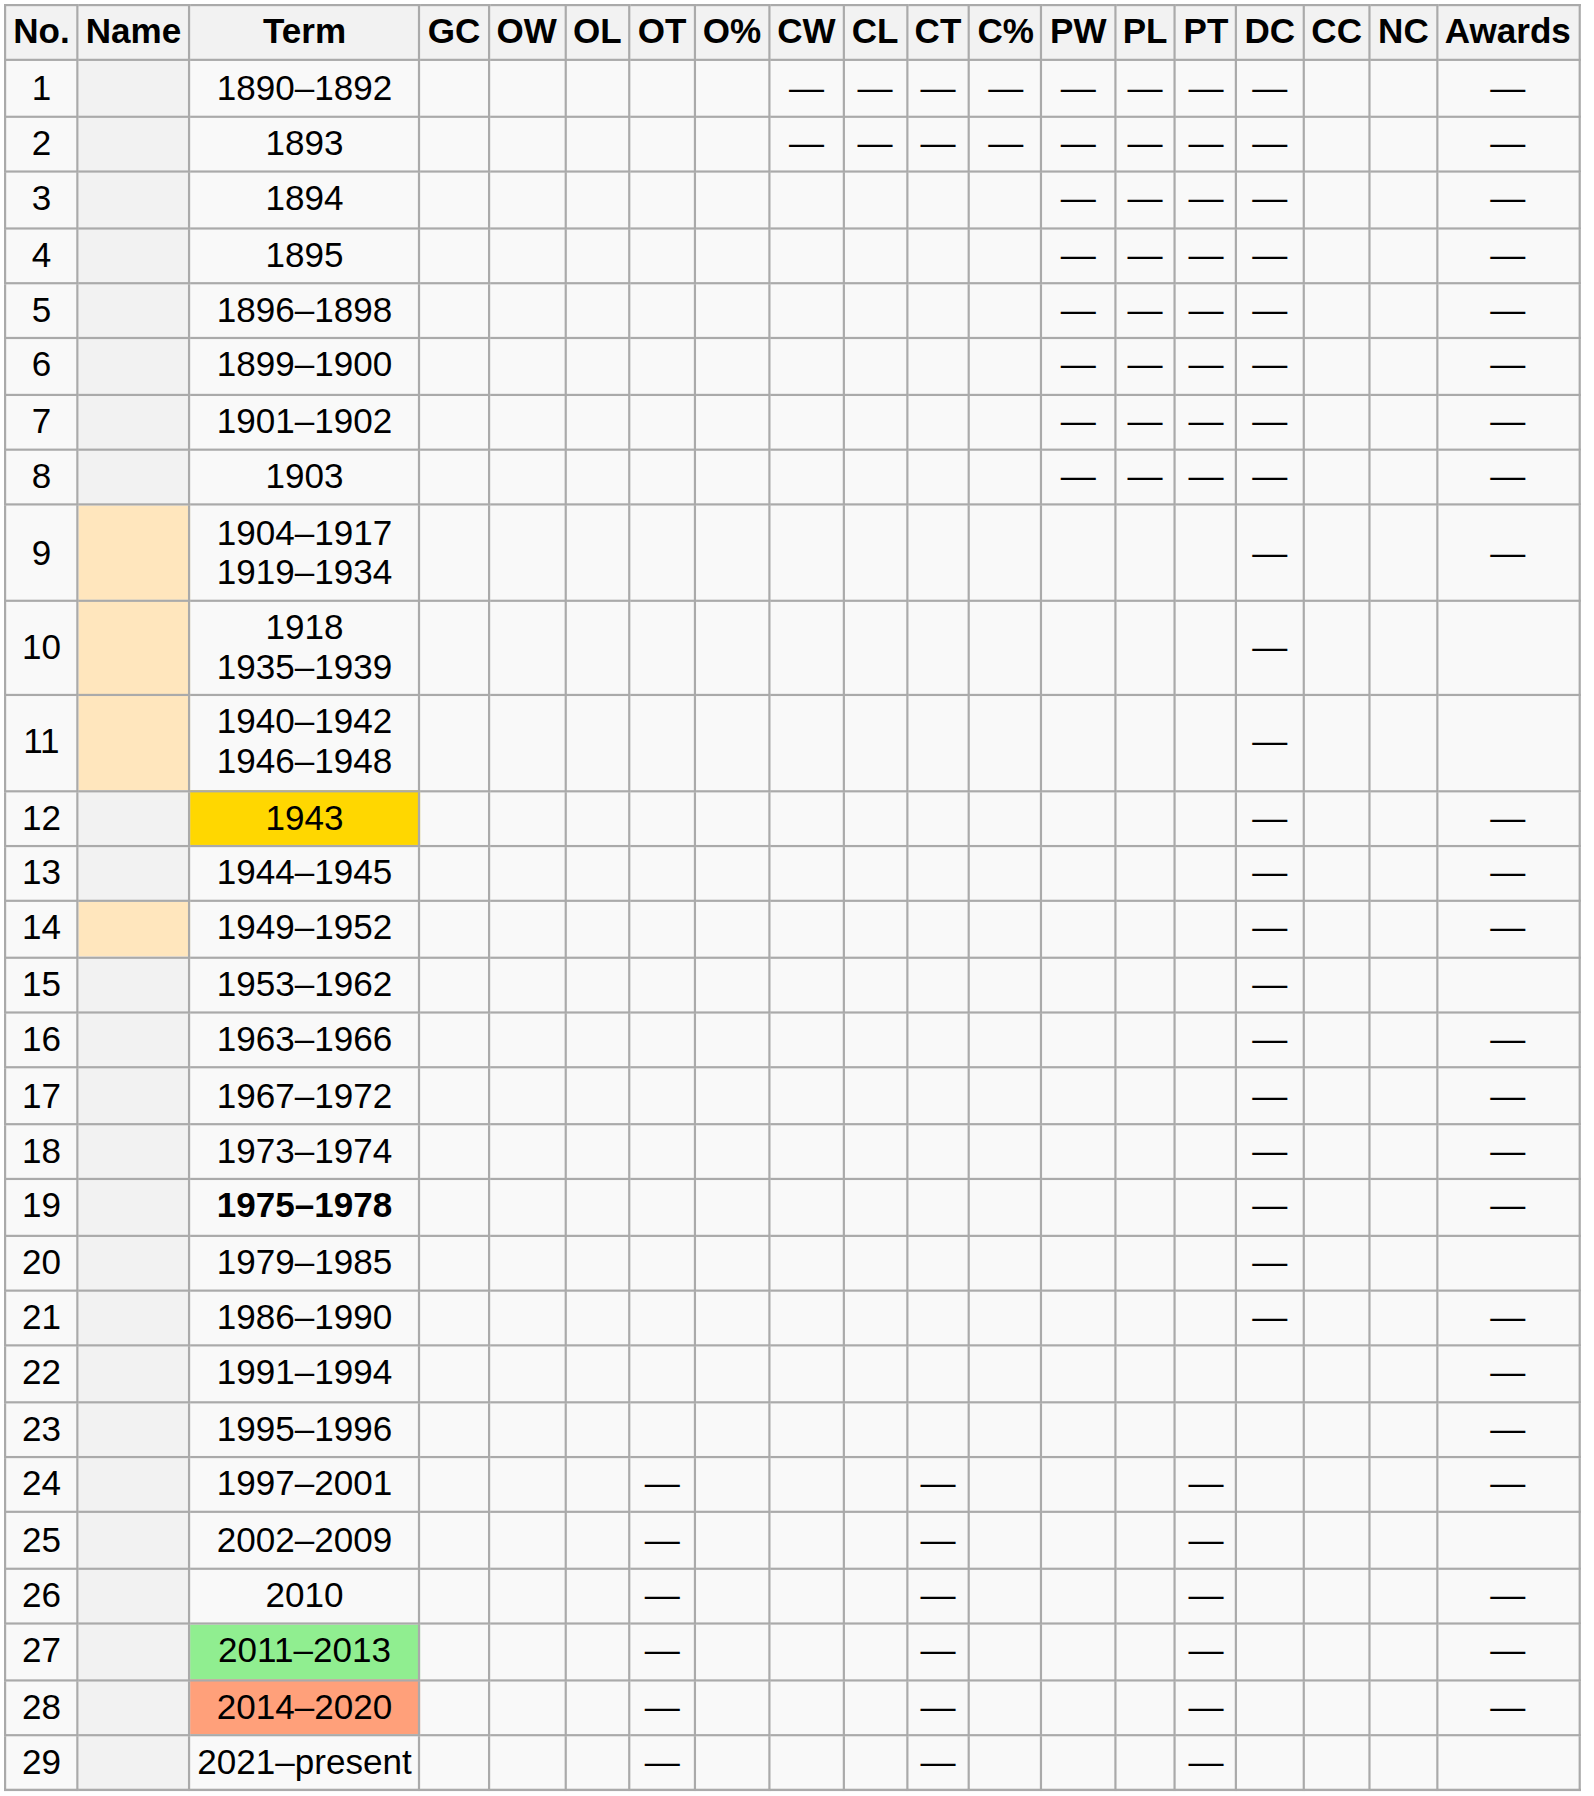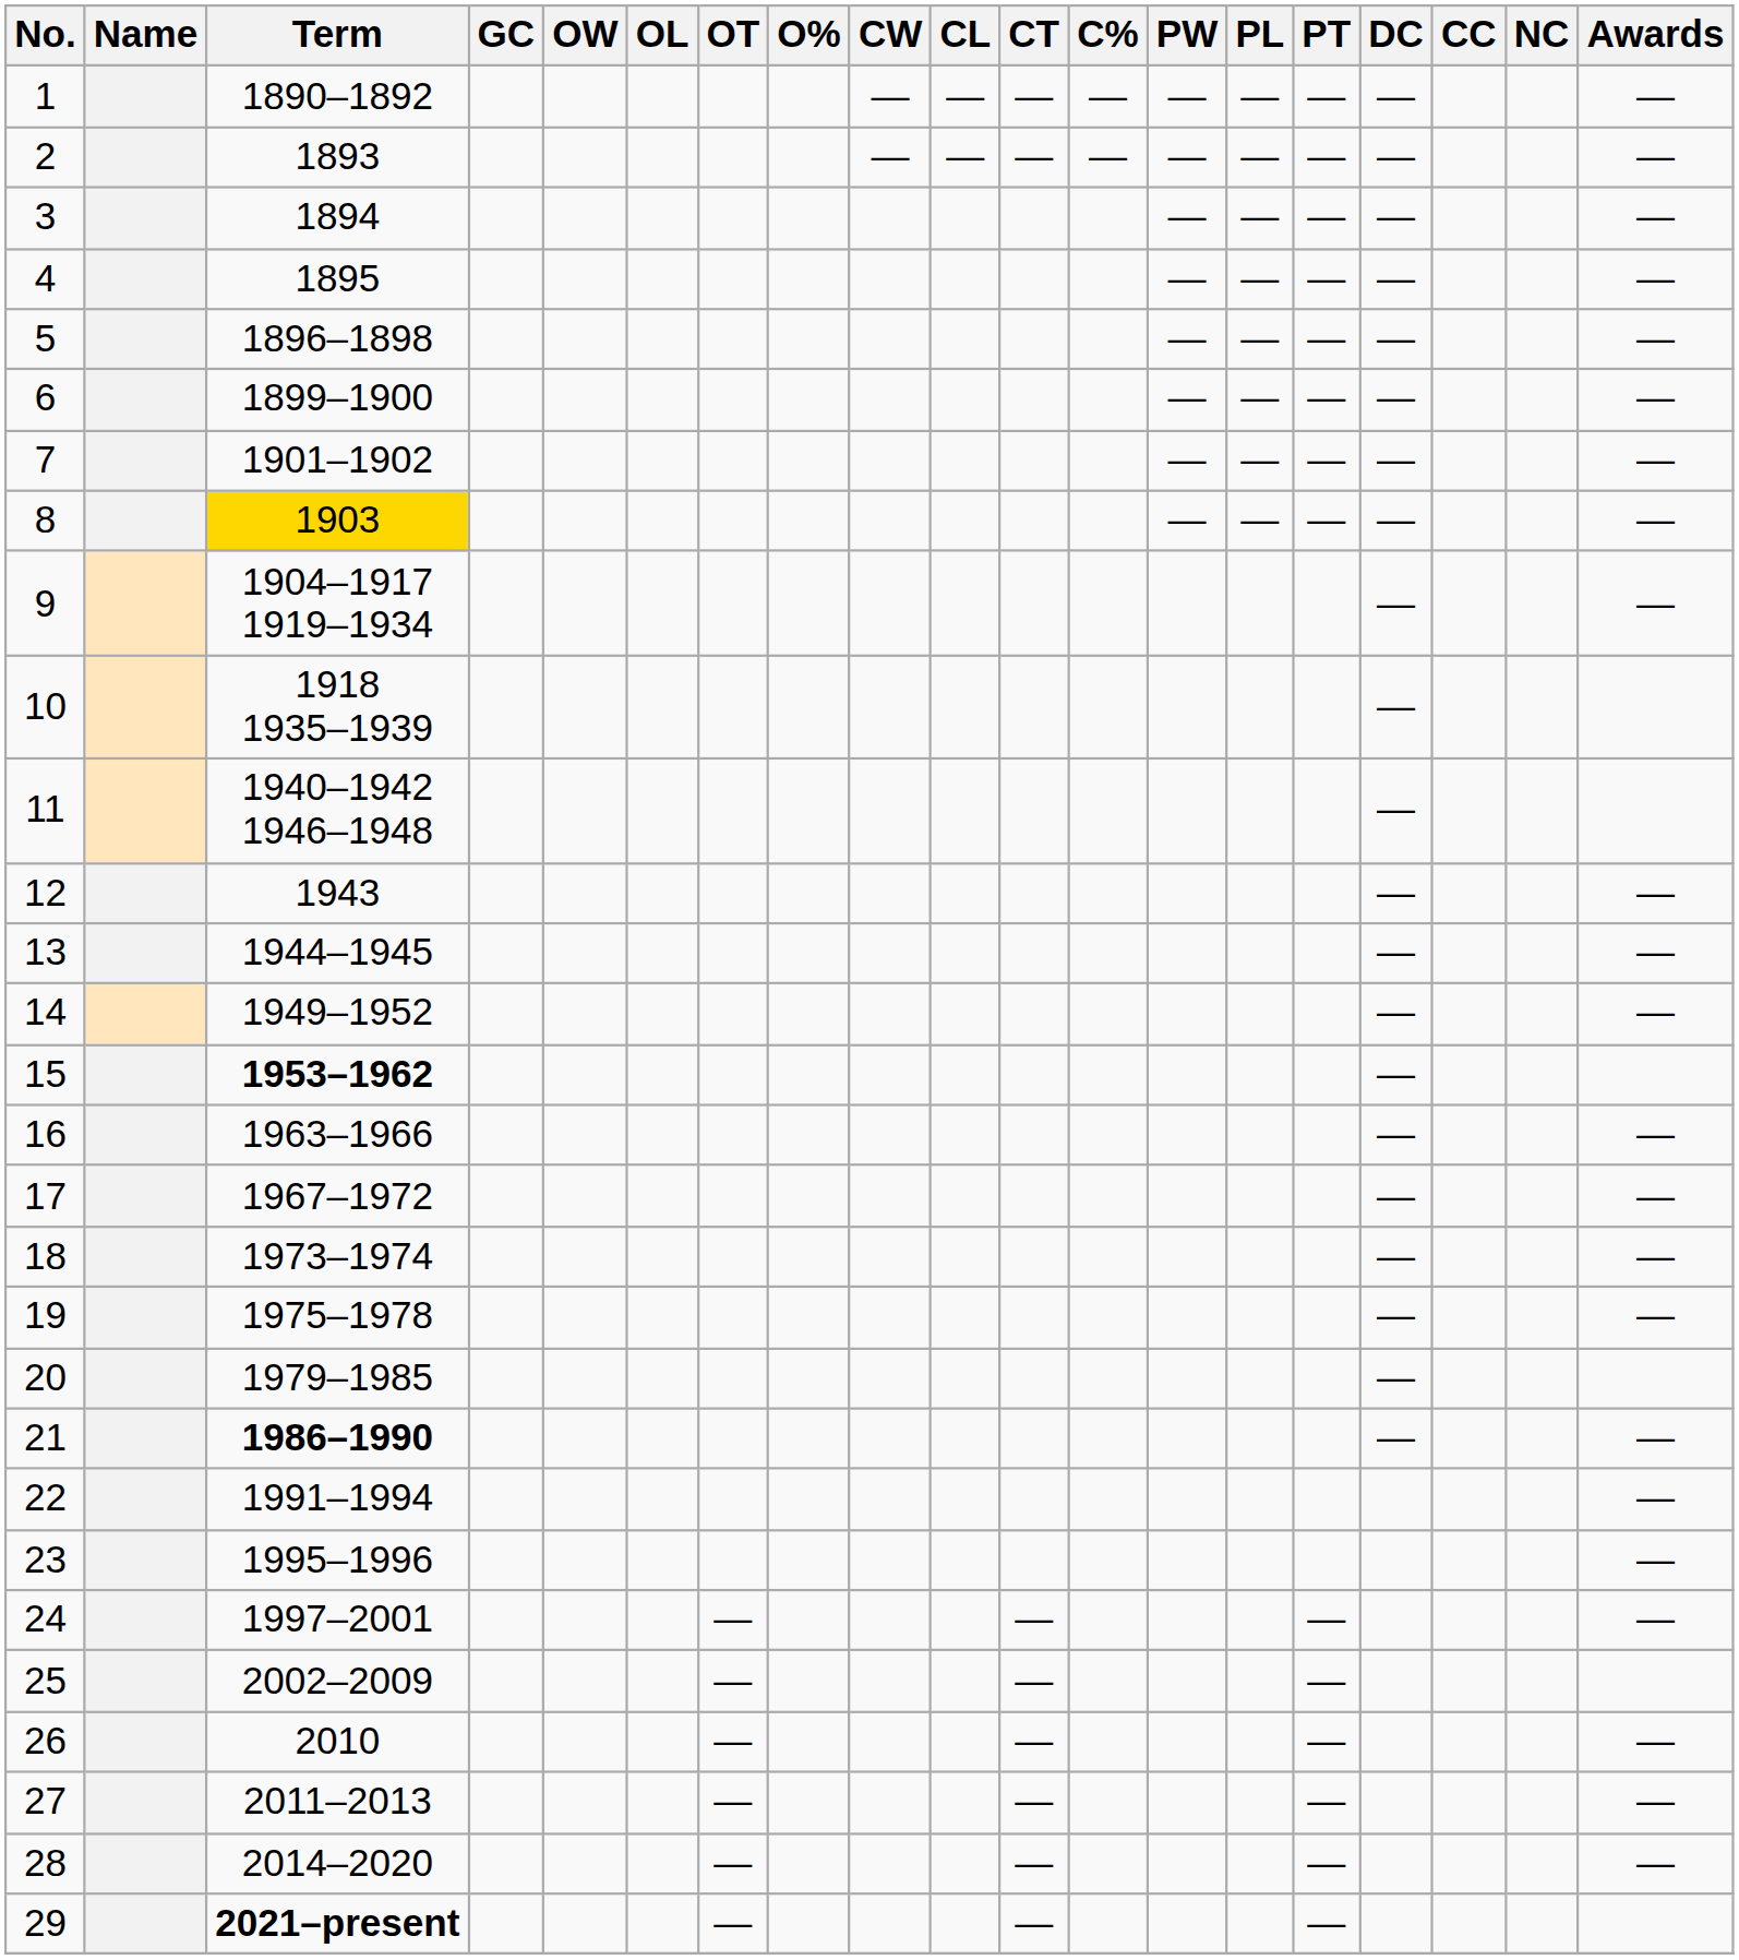 <table class="wikitable sortable" style="text-align:center">
 <tr>
 <th scope="col" class="unsortable">No.</th>
 <th scope="col">Name</th>
 <th scope="col">Term</th>
 <th scope="col">GC</th>
 <th scope="col">OW</th>
 <th scope="col">OL</th>
 <th scope="col">OT</th>
 <th scope="col">O%</th>
 <th scope="col">CW</th>
 <th scope="col">CL</th>
 <th scope="col">CT</th>
 <th scope="col">C%</th>
 <th scope="col">PW</th>
 <th scope="col">PL</th>
 <th scope="col">PT</th>
 <th scope="col">DC<br></th>
 <th scope="col">CC</th>
 <th scope="col">NC</th>
 <th scope="col" class="unsortable">Awards</th>
 </tr>
 <tr>
 <td>1</td>
 <th scope="row"></th>
 <td>1890–1892</td>
 <td></td>
 <td></td>
 <td></td>
 <td></td>
 <td></td>
 <td>—</td>
 <td>—</td>
 <td>—</td>
 <td>—</td>
 <td>—</td>
 <td>—</td>
 <td>—</td>
 <td>—</td>
 <td></td>
 <td></td>
 <td>—</td>
 </tr>
 <tr>
 <td>2</td>
 <th scope="row"></th>
 <td>1893</td>
 <td></td>
 <td></td>
 <td></td>
 <td></td>
 <td></td>
 <td>—</td>
 <td>—</td>
 <td>—</td>
 <td>—</td>
 <td>—</td>
 <td>—</td>
 <td>—</td>
 <td>—</td>
 <td></td>
 <td></td>
 <td>—</td>
 </tr>
 <tr>
 <td>3</td>
 <th scope="row"></th>
 <td>1894</td>
 <td></td>
 <td></td>
 <td></td>
 <td></td>
 <td></td>
 <td></td>
 <td></td>
 <td></td>
 <td></td>
 <td>—</td>
 <td>—</td>
 <td>—</td>
 <td>—</td>
 <td></td>
 <td></td>
 <td>—</td>
 </tr>
 <tr>
 <td>4</td>
 <th scope="row"></th>
 <td>1895</td>
 <td></td>
 <td></td>
 <td></td>
 <td></td>
 <td></td>
 <td></td>
 <td></td>
 <td></td>
 <td></td>
 <td>—</td>
 <td>—</td>
 <td>—</td>
 <td>—</td>
 <td></td>
 <td></td>
 <td>—</td>
 </tr>
 <tr>
 <td>5</td>
 <th scope="row"></th>
 <td>1896–1898</td>
 <td></td>
 <td></td>
 <td></td>
 <td></td>
 <td></td>
 <td></td>
 <td></td>
 <td></td>
 <td></td>
 <td>—</td>
 <td>—</td>
 <td>—</td>
 <td>—</td>
 <td></td>
 <td></td>
 <td>—</td>
 </tr>
 <tr>
 <td>6</td>
 <th scope="row"></th>
 <td>1899–1900</td>
 <td></td>
 <td></td>
 <td></td>
 <td></td>
 <td></td>
 <td></td>
 <td></td>
 <td></td>
 <td></td>
 <td>—</td>
 <td>—</td>
 <td>—</td>
 <td>—</td>
 <td></td>
 <td></td>
 <td>—</td>
 </tr>
 <tr>
 <td>7</td>
 <th scope="row"></th>
 <td>1901–1902</td>
 <td></td>
 <td></td>
 <td></td>
 <td></td>
 <td></td>
 <td></td>
 <td></td>
 <td></td>
 <td></td>
 <td>—</td>
 <td>—</td>
 <td>—</td>
 <td>—</td>
 <td></td>
 <td></td>
 <td>—</td>
 </tr>
 <tr>
 <td>8</td>
 <th scope="row"></th>
-<td>1903</td>
+<td style="background: gold;">1903</td>
 <td></td>
 <td></td>
 <td></td>
 <td></td>
 <td></td>
 <td></td>
 <td></td>
 <td></td>
 <td></td>
 <td>—</td>
 <td>—</td>
 <td>—</td>
 <td>—</td>
 <td></td>
 <td></td>
 <td>—</td>
 </tr>
 <tr>
 <td>9</td>
 <td scope="row" align="center" bgcolor=#FFE6BD><strong></strong><sup></sup></td>
 <td>1904–1917<br>1919–1934</td>
 <td></td>
 <td></td>
 <td></td>
 <td></td>
 <td></td>
 <td></td>
 <td></td>
 <td></td>
 <td></td>
 <td></td>
 <td></td>
 <td></td>
 <td>—</td>
 <td></td>
 <td></td>
 <td>—</td>
 </tr>
 <tr>
 <td>10</td>
 <td scope="row" align="center" bgcolor=#FFE6BD><strong></strong><sup></sup></td>
 <td>1918<br>1935–1939</td>
 <td></td>
 <td></td>
 <td></td>
 <td></td>
 <td></td>
 <td></td>
 <td></td>
 <td></td>
 <td></td>
 <td></td>
 <td></td>
 <td></td>
 <td>—</td>
 <td></td>
 <td></td>
 <td></td>
 </tr>
 <tr>
 <td>11</td>
 <td scope="row" align="center" bgcolor=#FFE6BD><strong></strong><sup></sup></td>
 <td>1940–1942<br>1946–1948</td>
 <td></td>
 <td></td>
 <td></td>
 <td></td>
 <td></td>
 <td></td>
 <td></td>
 <td></td>
 <td></td>
 <td></td>
 <td></td>
 <td></td>
 <td>—</td>
 <td></td>
 <td></td>
 <td></td>
 </tr>
 <tr>
 <td>12</td>
 <th scope="row"></th>
-<td style="background: gold;">1943</td>
+<td>1943</td>
 <td></td>
 <td></td>
 <td></td>
 <td></td>
 <td></td>
 <td></td>
 <td></td>
 <td></td>
 <td></td>
 <td></td>
 <td></td>
 <td></td>
 <td>—</td>
 <td></td>
 <td></td>
 <td>—</td>
 </tr>
 <tr>
 <td>13</td>
 <th scope="row"></th>
 <td>1944–1945</td>
 <td></td>
 <td></td>
 <td></td>
 <td></td>
 <td></td>
 <td></td>
 <td></td>
 <td></td>
 <td></td>
 <td></td>
 <td></td>
 <td></td>
 <td>—</td>
 <td></td>
 <td></td>
 <td>—</td>
 </tr>
 <tr>
 <td>14</td>
 <td scope="row" align="center" bgcolor=#FFE6BD><strong></strong><sup></sup></td>
 <td>1949–1952</td>
 <td></td>
 <td></td>
 <td></td>
 <td></td>
 <td></td>
 <td></td>
 <td></td>
 <td></td>
 <td></td>
 <td></td>
 <td></td>
 <td></td>
 <td>—</td>
 <td></td>
 <td></td>
 <td>—</td>
 </tr>
 <tr>
 <td>15</td>
 <th scope="row"></th>
-<td>1953–1962</td>
+<td><strong>1953–1962</strong></td>
 <td></td>
 <td></td>
 <td></td>
 <td></td>
 <td></td>
 <td></td>
 <td></td>
 <td></td>
 <td></td>
 <td></td>
 <td></td>
 <td></td>
 <td>—</td>
 <td></td>
 <td></td>
 <td></td>
 </tr>
 <tr>
 <td>16</td>
 <th scope="row"></th>
 <td>1963–1966</td>
 <td></td>
 <td></td>
 <td></td>
 <td></td>
 <td></td>
 <td></td>
 <td></td>
 <td></td>
 <td></td>
 <td></td>
 <td></td>
 <td></td>
 <td>—</td>
 <td></td>
 <td></td>
 <td>—</td>
 </tr>
 <tr>
 <td>17</td>
 <th scope="row"></th>
 <td>1967–1972</td>
 <td></td>
 <td></td>
 <td></td>
 <td></td>
 <td></td>
 <td></td>
 <td></td>
 <td></td>
 <td></td>
 <td></td>
 <td></td>
 <td></td>
 <td>—</td>
 <td></td>
 <td></td>
 <td>—</td>
 </tr>
 <tr>
 <td>18</td>
 <th scope="row"></th>
 <td>1973–1974</td>
 <td></td>
 <td></td>
 <td></td>
 <td></td>
 <td></td>
 <td></td>
 <td></td>
 <td></td>
 <td></td>
 <td></td>
 <td></td>
 <td></td>
 <td>—</td>
 <td></td>
 <td></td>
 <td>—</td>
 </tr>
 <tr>
 <td>19</td>
 <th scope="row"></th>
-<td><strong>1975–1978</strong></td>
+<td>1975–1978</td>
 <td></td>
 <td></td>
 <td></td>
 <td></td>
 <td></td>
 <td></td>
 <td></td>
 <td></td>
 <td></td>
 <td></td>
 <td></td>
 <td></td>
 <td>—</td>
 <td></td>
 <td></td>
 <td>—</td>
 </tr>
 <tr>
 <td>20</td>
 <th scope="row"></th>
 <td>1979–1985</td>
 <td></td>
 <td></td>
 <td></td>
 <td></td>
 <td></td>
 <td></td>
 <td></td>
 <td></td>
 <td></td>
 <td></td>
 <td></td>
 <td></td>
 <td>—</td>
 <td></td>
 <td></td>
 <td><br></td>
 </tr>
 <tr>
 <td>21</td>
 <th scope="row"></th>
-<td>1986–1990</td>
+<td><strong>1986–1990</strong></td>
 <td></td>
 <td></td>
 <td></td>
 <td></td>
 <td></td>
 <td></td>
 <td></td>
 <td></td>
 <td></td>
 <td></td>
 <td></td>
 <td></td>
 <td>—</td>
 <td></td>
 <td></td>
 <td>—</td>
 </tr>
 <tr>
 <td>22</td>
 <th scope="row"></th>
 <td>1991–1994</td>
 <td></td>
 <td></td>
 <td></td>
 <td></td>
 <td></td>
 <td></td>
 <td></td>
 <td></td>
 <td></td>
 <td></td>
 <td></td>
 <td></td>
 <td></td>
 <td></td>
 <td></td>
 <td>—</td>
 </tr>
 <tr>
 <td>23</td>
 <th scope="row"></th>
 <td>1995–1996</td>
 <td></td>
 <td></td>
 <td></td>
 <td></td>
 <td></td>
 <td></td>
 <td></td>
 <td></td>
 <td></td>
 <td></td>
 <td></td>
 <td></td>
 <td></td>
 <td></td>
 <td></td>
 <td>—</td>
 </tr>
 <tr>
 <td>24</td>
 <th scope="row"></th>
 <td>1997–2001</td>
 <td></td>
 <td></td>
 <td></td>
 <td>—</td>
 <td></td>
 <td></td>
 <td></td>
 <td>—</td>
 <td></td>
 <td></td>
 <td></td>
 <td>—</td>
 <td></td>
 <td></td>
 <td></td>
 <td>—</td>
 </tr>
 <tr>
 <td>25</td>
 <th scope="row"></th>
 <td>2002–2009</td>
 <td></td>
 <td></td>
 <td></td>
 <td>—</td>
 <td></td>
 <td></td>
 <td></td>
 <td>—</td>
 <td></td>
 <td></td>
 <td></td>
 <td>—</td>
 <td></td>
 <td></td>
 <td></td>
 <td></td>
 </tr>
 <tr>
 <td>26</td>
 <th scope="row"></th>
 <td>2010</td>
 <td></td>
 <td></td>
 <td></td>
 <td>—</td>
 <td></td>
 <td></td>
 <td></td>
 <td>—</td>
 <td></td>
 <td></td>
 <td></td>
 <td>—</td>
 <td></td>
 <td></td>
 <td></td>
 <td>—</td>
 </tr>
 <tr>
 <td>27</td>
 <th scope="row"></th>
-<td style="background: lightgreen;">2011–2013</td>
+<td>2011–2013</td>
 <td></td>
 <td></td>
 <td></td>
 <td>—</td>
 <td></td>
 <td></td>
 <td></td>
 <td>—</td>
 <td></td>
 <td></td>
 <td></td>
 <td>—</td>
 <td></td>
 <td></td>
 <td></td>
 <td>—</td>
 </tr>
 <tr>
 <td>28</td>
 <th scope="row"></th>
-<td style="background: lightsalmon;">2014–2020</td>
+<td>2014–2020</td>
 <td></td>
 <td></td>
 <td></td>
 <td>—</td>
 <td></td>
 <td></td>
 <td></td>
 <td>—</td>
 <td></td>
 <td></td>
 <td></td>
 <td>—</td>
 <td></td>
 <td></td>
 <td></td>
 <td>—</td>
 </tr>
 <tr>
 <td>29</td>
 <th scope="row"></th>
-<td>2021–present</td>
+<td><strong>2021–present</strong></td>
 <td></td>
 <td></td>
 <td></td>
 <td>—</td>
 <td></td>
 <td></td>
 <td></td>
 <td>—</td>
 <td></td>
 <td></td>
 <td></td>
 <td>—</td>
 <td></td>
 <td></td>
 <td></td>
 <td></td>
 </tr>
 <tr>
 </tr>
 </table>
